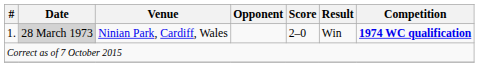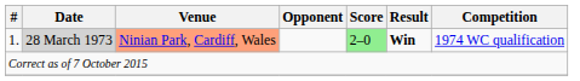 <table class="wikitable" style="font-size:95%;">
 <tr>
 <th>#</th>
 <th>Date</th>
 <th>Venue</th>
 <th>Opponent</th>
 <th>Score</th>
 <th>Result</th>
 <th>Competition</th>
 </tr>
 <tr>
 <td>1.</td>
 <td style="background: lightgrey;">28 March 1973</td>
-<td><a href='#'>Ninian Park</a>, <a href='#'>Cardiff</a>, Wales</td>
+<td style="background: lightsalmon;"><a href='#'>Ninian Park</a>, <a href='#'>Cardiff</a>, Wales</td>
 <td></td>
-<td>2–0</td>
-<td>Win</td>
-<td><strong><a href='#'>1974 WC qualification</a></strong></td>
+<td style="background: lightgreen;">2–0</td>
+<td><strong>Win</strong></td>
+<td><a href='#'>1974 WC qualification</a></td>
 </tr>
 <tr>
 <td colspan="12"><small><em>Correct as of 7 October 2015</em></small></td>
 </tr>
 <tr>
 </tr>
 </table>
